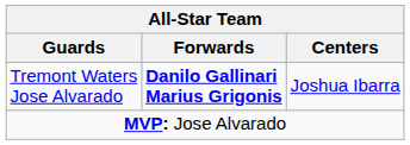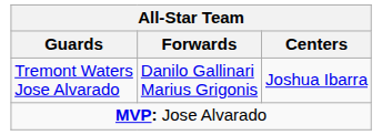 <table class=wikitable style="margin:auto">
 <tr>
 <th colspan=3 align=center>All-Star Team</th>
 </tr>
 <tr>
 <th>Guards</th>
 <th>Forwards</th>
 <th>Centers</th>
 </tr>
 <tr>
 <td> <a href='#'>Tremont Waters</a><br> <a href='#'>Jose Alvarado</a></td>
-<td><strong> <a href='#'>Danilo Gallinari</a><br> <a href='#'>Marius Grigonis</a></strong></td>
+<td> <a href='#'>Danilo Gallinari</a><br> <a href='#'>Marius Grigonis</a></td>
 <td> <a href='#'>Joshua Ibarra</a></td>
 </tr>
 <tr>
 <td colspan=3 align=center><strong><a href='#'>MVP</a>:</strong>  Jose Alvarado</td>
 </tr>
 </table>
